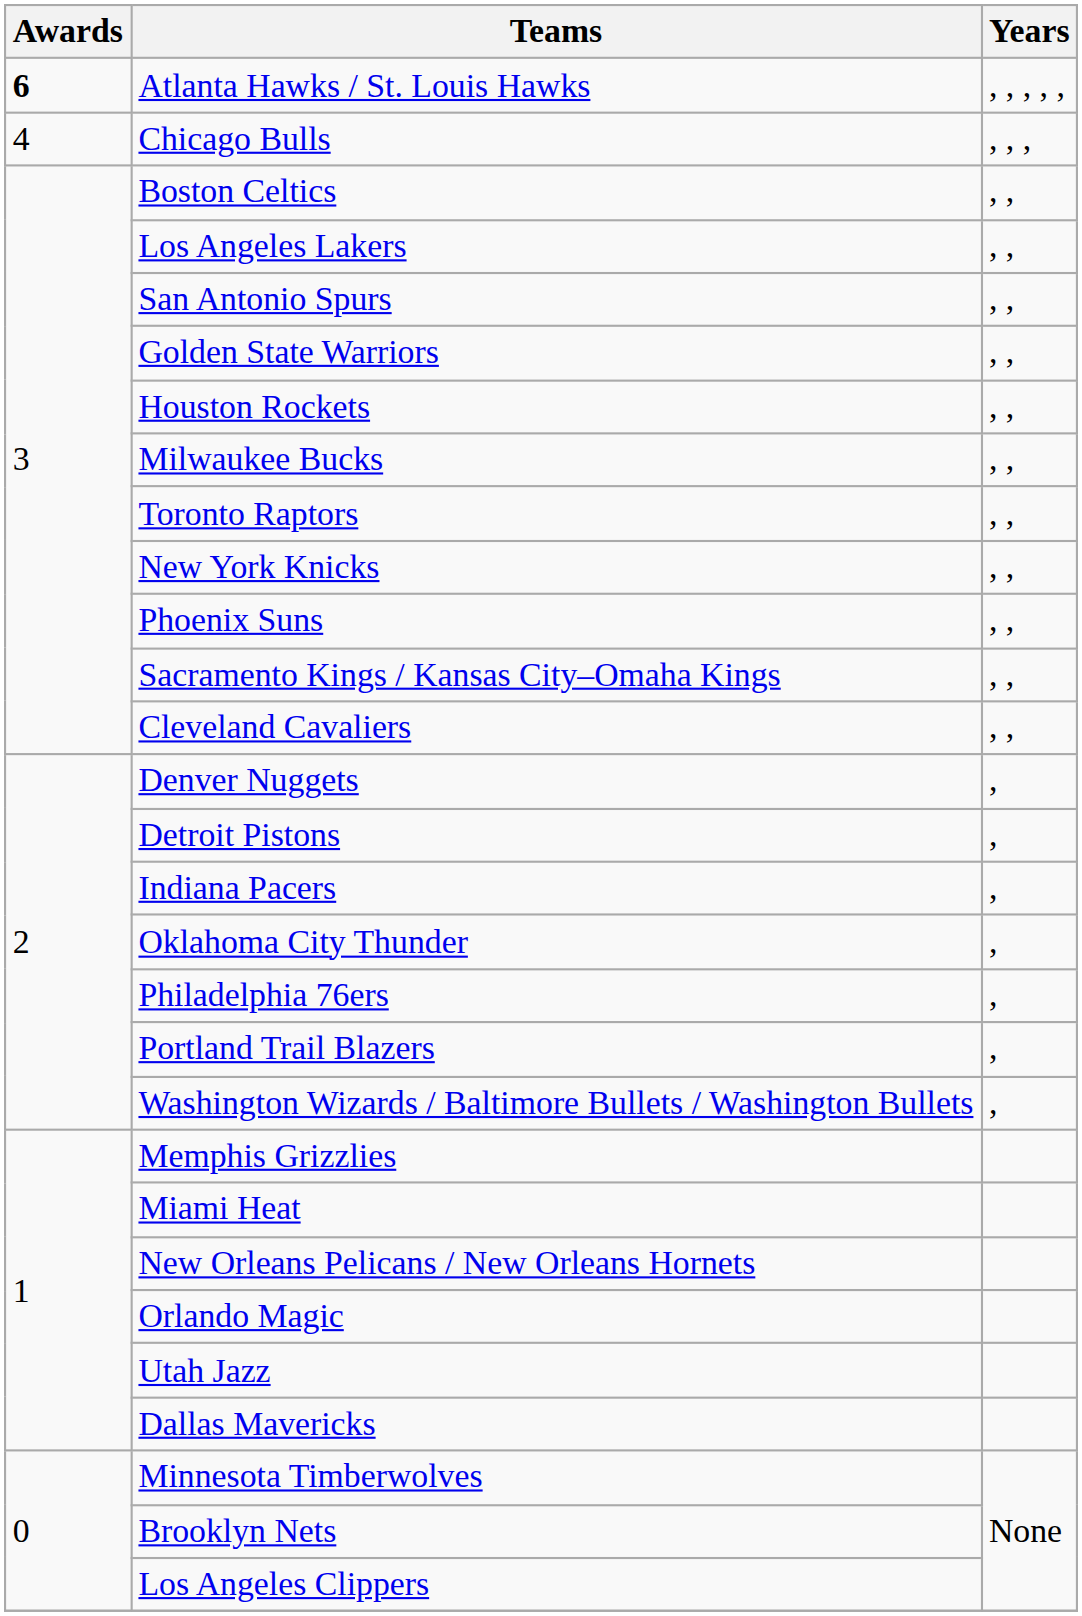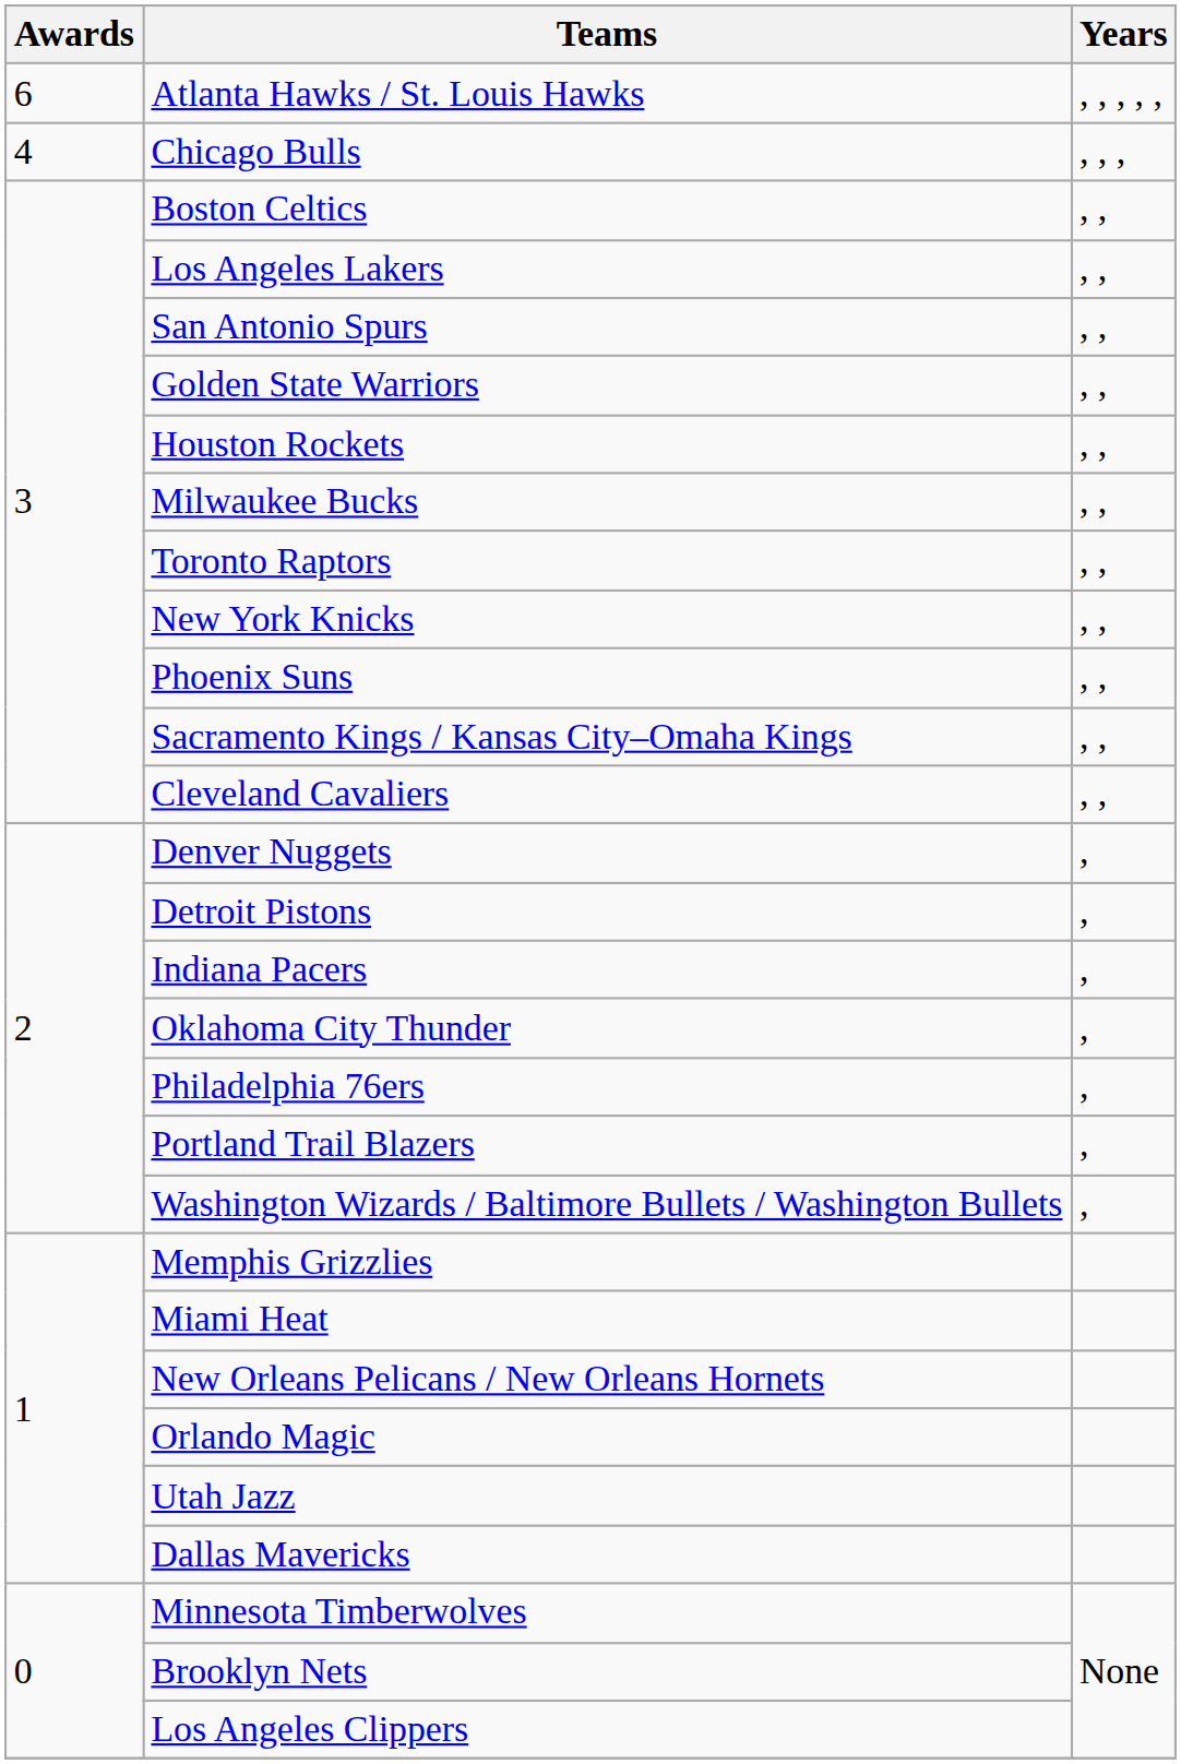 <table class="wikitable">
 <tr>
 <th>Awards</th>
 <th>Teams</th>
 <th>Years</th>
 </tr>
 <tr>
-<td><strong>6</strong></td>
+<td>6</td>
 <td><a href='#'>Atlanta Hawks / St. Louis Hawks</a></td>
 <td>, , , , , </td>
 </tr>
 <tr>
 <td>4</td>
 <td><a href='#'>Chicago Bulls</a></td>
 <td>, , , </td>
 </tr>
 <tr>
 <td rowspan="11">3</td>
 <td><a href='#'>Boston Celtics</a></td>
 <td>, , </td>
 </tr>
 <tr>
 <td><a href='#'>Los Angeles Lakers</a></td>
 <td>, , </td>
 </tr>
 <tr>
 <td><a href='#'>San Antonio Spurs</a></td>
 <td>, , </td>
 </tr>
 <tr>
 <td><a href='#'>Golden State Warriors</a></td>
 <td>, , </td>
 </tr>
 <tr>
 <td><a href='#'>Houston Rockets</a></td>
 <td>, , </td>
 </tr>
 <tr>
 <td><a href='#'>Milwaukee Bucks</a></td>
 <td>, , </td>
 </tr>
 <tr>
 <td><a href='#'>Toronto Raptors</a></td>
 <td>, , </td>
 </tr>
 <tr>
 <td><a href='#'>New York Knicks</a></td>
 <td>, , </td>
 </tr>
 <tr>
 <td><a href='#'>Phoenix Suns</a></td>
 <td>, , </td>
 </tr>
 <tr>
 <td><a href='#'>Sacramento Kings / Kansas City–Omaha Kings</a></td>
 <td>, ,  </td>
 </tr>
 <tr>
 <td><a href='#'>Cleveland Cavaliers</a></td>
 <td>, , </td>
 </tr>
 <tr>
 <td rowspan="7">2</td>
 <td><a href='#'>Denver Nuggets</a></td>
 <td>, </td>
 </tr>
 <tr>
 <td><a href='#'>Detroit Pistons</a></td>
 <td>, </td>
 </tr>
 <tr>
 <td><a href='#'>Indiana Pacers</a></td>
 <td>, </td>
 </tr>
 <tr>
 <td><a href='#'>Oklahoma City Thunder</a></td>
 <td>, </td>
 </tr>
 <tr>
 <td><a href='#'>Philadelphia 76ers</a></td>
 <td>, </td>
 </tr>
 <tr>
 <td><a href='#'>Portland Trail Blazers</a></td>
 <td>, </td>
 </tr>
 <tr>
 <td><a href='#'>Washington Wizards / Baltimore Bullets / Washington Bullets</a></td>
 <td>, </td>
 </tr>
 <tr>
 <td rowspan=6>1</td>
 <td><a href='#'>Memphis Grizzlies</a></td>
 <td></td>
 </tr>
 <tr>
 <td><a href='#'>Miami Heat</a></td>
 <td></td>
 </tr>
 <tr>
 <td><a href='#'>New Orleans Pelicans / New Orleans Hornets</a></td>
 <td></td>
 </tr>
 <tr>
 <td><a href='#'>Orlando Magic</a></td>
 <td></td>
 </tr>
 <tr>
 <td><a href='#'>Utah Jazz</a></td>
 <td></td>
 </tr>
 <tr>
 <td><a href='#'>Dallas Mavericks</a></td>
 <td></td>
 </tr>
 <tr>
 <td rowspan="3">0</td>
 <td><a href='#'>Minnesota Timberwolves</a></td>
 <td rowspan="3">None</td>
 </tr>
 <tr>
 <td><a href='#'>Brooklyn Nets</a></td>
 </tr>
 <tr>
 <td><a href='#'>Los Angeles Clippers</a></td>
 </tr>
 <tr>
 </tr>
 </table>
